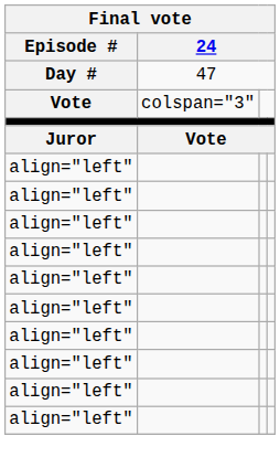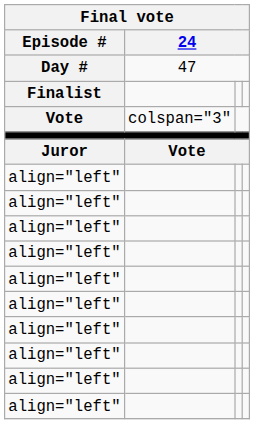 <table class="wikitable nowrap" style="text-align:center; font-size:100%">
 <tr>
 <th colspan="4">Final vote</th>
 </tr>
 <tr>
 <th>Episode #</th>
 <th colspan="3"><a href='#'>24</a></th>
 </tr>
 <tr>
 <th>Day #</th>
 <td colspan="3">47</td>
+</tr>
+<tr>
+<th>Finalist</th>
+<td></td>
+<td></td>
+<td></td>
 </tr>
 <tr>
 <th>Vote</th>
 <td>colspan="3" </td>
 </tr>
 <tr>
 <td colspan="4" bgcolor="black"></td>
 </tr>
 <tr>
 <th>Juror</th>
 <th colspan="3">Vote</th>
 </tr>
 <tr>
 <td>align="left" </td>
 <td></td>
 <td></td>
 <td></td>
 </tr>
 <tr>
 <td>align="left" </td>
 <td></td>
 <td></td>
 <td></td>
 </tr>
 <tr>
 <td>align="left" </td>
 <td></td>
 <td></td>
 <td></td>
 </tr>
 <tr>
 <td>align="left" </td>
 <td></td>
 <td></td>
 <td></td>
 </tr>
 <tr>
 <td>align="left" </td>
 <td></td>
 <td></td>
 <td></td>
 </tr>
 <tr>
 <td>align="left" </td>
 <td></td>
 <td></td>
 <td></td>
 </tr>
 <tr>
 <td>align="left" </td>
 <td></td>
 <td></td>
 <td></td>
 </tr>
 <tr>
 <td>align="left" </td>
 <td></td>
 <td></td>
 <td></td>
 </tr>
 <tr>
 <td>align="left" </td>
 <td></td>
 <td></td>
 <td></td>
 </tr>
 <tr>
 <td>align="left" </td>
 <td></td>
 <td></td>
 <td></td>
 </tr>
 <tr>
 </tr>
 </table>
